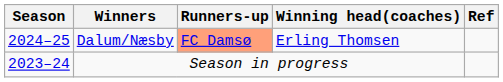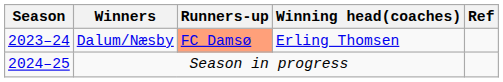 <table class="sortable wikitable plainrowheaders" style="text-align:center;">
 <tr>
 <th>Season</th>
 <th>Winners</th>
 <th>Runners-up</th>
 <th>Winning head(coaches)</th>
 <th>Ref</th>
 </tr>
 <tr>
-<td><a href='#'>2024–25</a></td>
+<td><a href='#'>2023–24</a></td>
 <td align=left><a href='#'>Dalum/Næsby</a></td>
 <td align=left style="background: lightsalmon;"><a href='#'>FC Damsø</a></td>
 <td align=left> <a href='#'>Erling Thomsen</a></td>
 <td></td>
 </tr>
 <tr>
-<td><a href='#'>2023–24</a></td>
+<td><a href='#'>2024–25</a></td>
 <td colspan=3 style="text-align:center;"><em>Season in progress</em></td>
 <td></td>
 </tr>
 </table>
